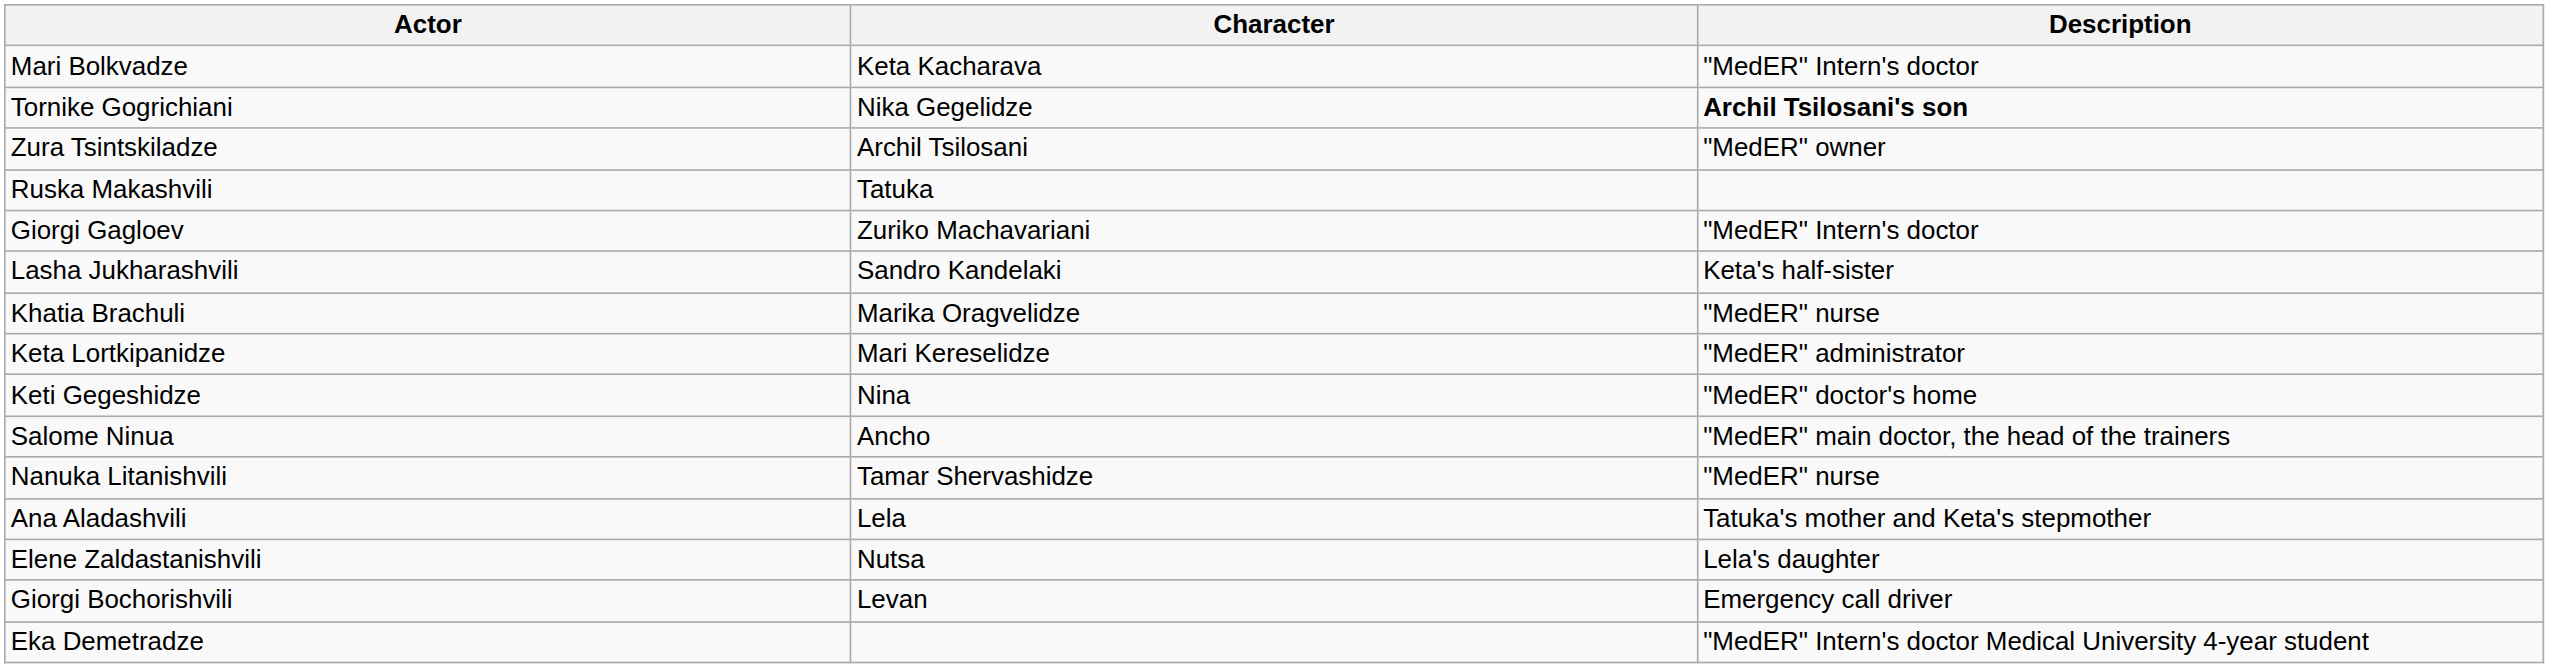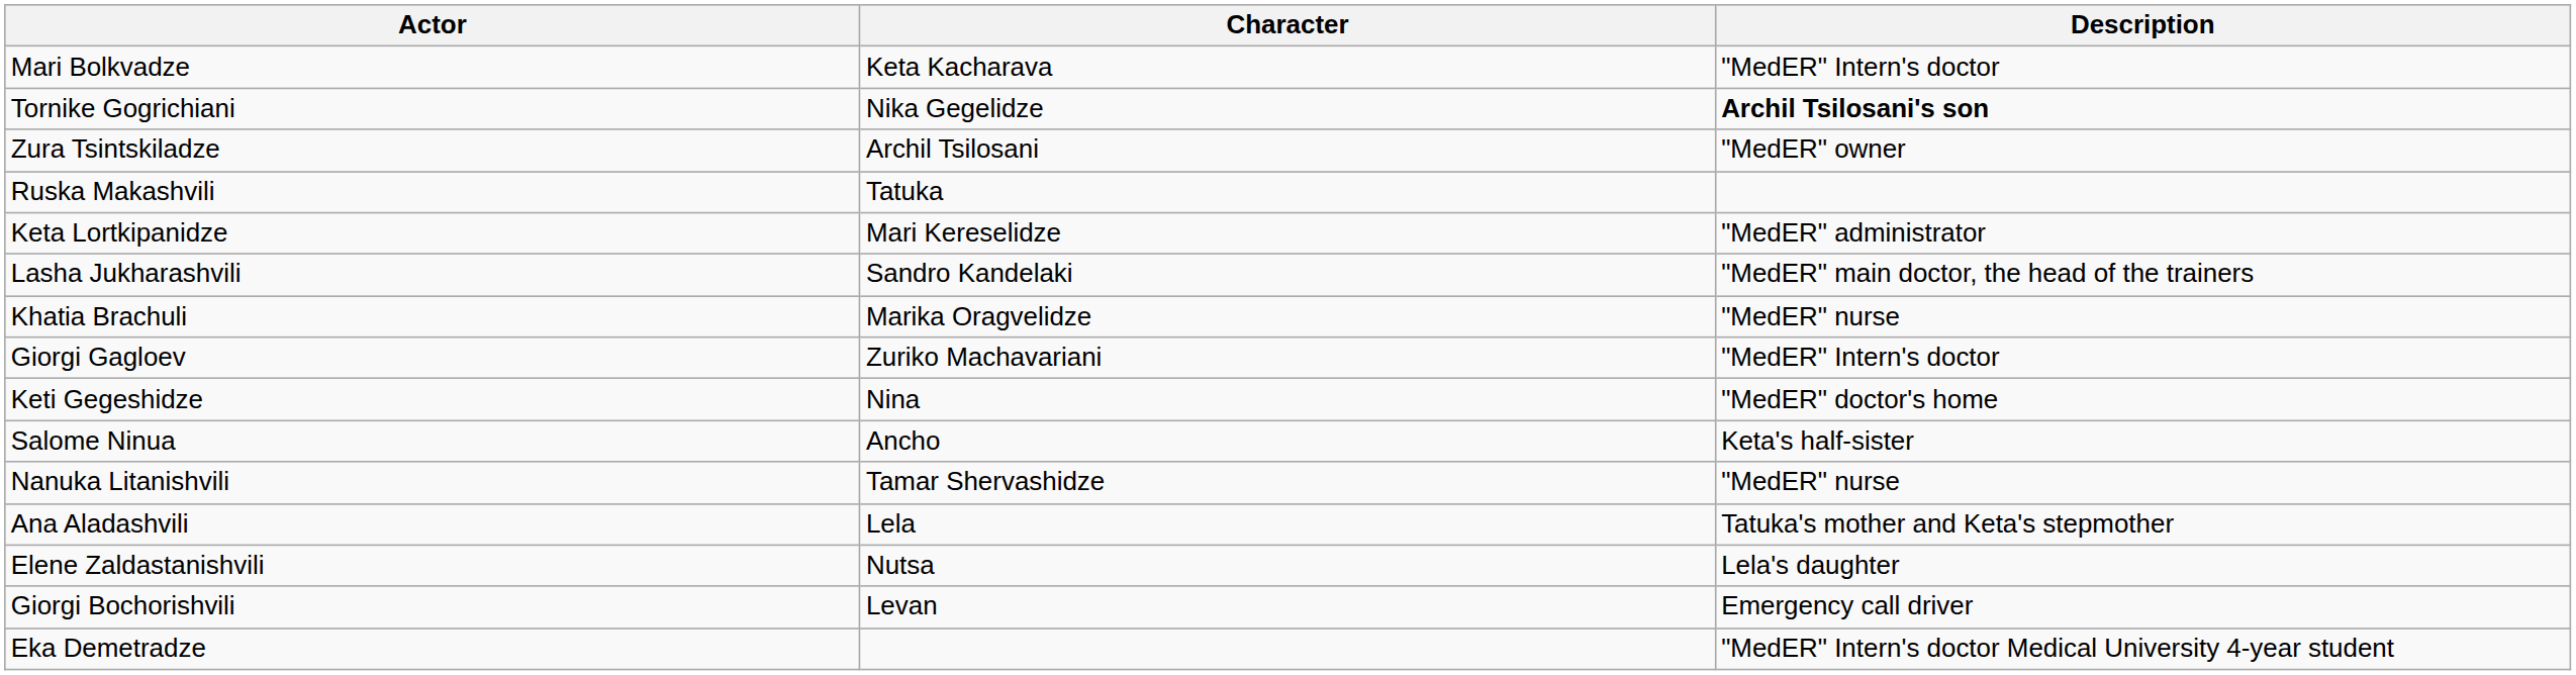 <table class="wikitable">
 <tr>
 <th style="width:20%;">Actor</th>
 <th style="width:20%;">Character</th>
 <th style="width:20%;">Description</th>
 </tr>
 <tr>
 <td>Mari Bolkvadze</td>
 <td>Keta Kacharava</td>
 <td>"MedER" Intern's doctor</td>
 </tr>
 <tr>
 <td>Tornike Gogrichiani</td>
 <td>Nika Gegelidze</td>
 <td><strong>Archil Tsilosani's son</strong></td>
 </tr>
 <tr>
 <td>Zura Tsintskiladze</td>
 <td>Archil Tsilosani</td>
 <td>"MedER" owner</td>
 </tr>
 <tr>
 <td>Ruska Makashvili</td>
 <td>Tatuka</td>
 <td></td>
 </tr>
 <tr>
-<td>Giorgi Gagloev</td>
-<td>Zuriko Machavariani</td>
-<td>"MedER" Intern's doctor</td>
+<td>Keta Lortkipanidze</td>
+<td>Mari Kereselidze</td>
+<td>"MedER" administrator</td>
 </tr>
 <tr>
 <td>Lasha Jukharashvili</td>
 <td>Sandro Kandelaki</td>
-<td>Keta's half-sister</td>
+<td>"MedER" main doctor, the head of the trainers</td>
 </tr>
 <tr>
 <td>Khatia Brachuli</td>
 <td>Marika Oragvelidze</td>
 <td>"MedER" nurse</td>
 </tr>
 <tr>
-<td>Keta Lortkipanidze</td>
-<td>Mari Kereselidze</td>
-<td>"MedER" administrator</td>
+<td>Giorgi Gagloev</td>
+<td>Zuriko Machavariani</td>
+<td>"MedER" Intern's doctor</td>
 </tr>
 <tr>
 <td>Keti Gegeshidze</td>
 <td>Nina</td>
 <td>"MedER" doctor's home</td>
 </tr>
 <tr>
 <td>Salome Ninua</td>
 <td>Ancho</td>
-<td>"MedER" main doctor, the head of the trainers</td>
+<td>Keta's half-sister</td>
 </tr>
 <tr>
 <td>Nanuka Litanishvili</td>
 <td>Tamar Shervashidze</td>
 <td>"MedER" nurse</td>
 </tr>
 <tr>
 <td>Ana Aladashvili</td>
 <td>Lela</td>
 <td>Tatuka's mother and Keta's stepmother</td>
 </tr>
 <tr>
 <td>Elene Zaldastanishvili</td>
 <td>Nutsa</td>
 <td>Lela's daughter</td>
 </tr>
 <tr>
 <td>Giorgi Bochorishvili</td>
 <td>Levan</td>
 <td>Emergency call driver</td>
 </tr>
 <tr>
 <td>Eka Demetradze</td>
 <td></td>
 <td>"MedER" Intern's doctor Medical University 4-year student</td>
 </tr>
 </table>
